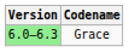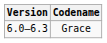 <table class="wikitable" style="font-size: smaller; text-align: center;">
 <tr>
 <th>Version</th>
 <th>Codename</th>
 </tr>
 <tr>
-<td style="background: lightgreen;">6.0–6.3</td>
+<td>6.0–6.3</td>
 <td>Grace</td>
 </tr>
 </table>
